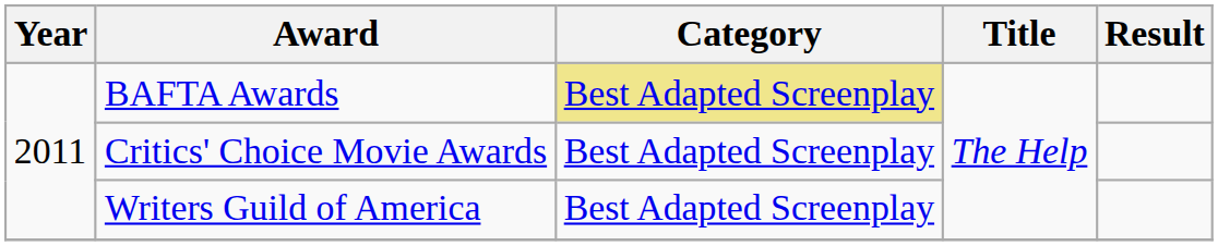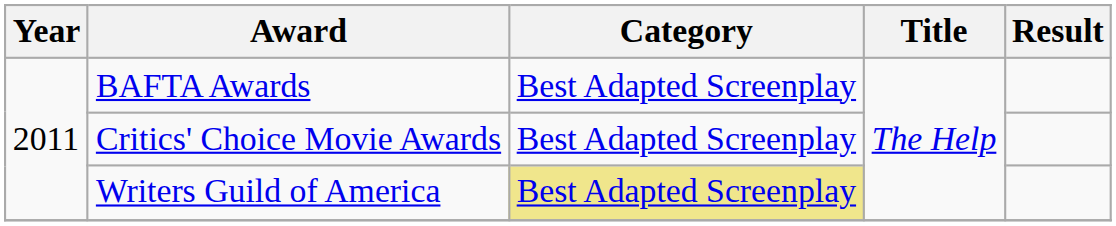 <table class="wikitable">
 <tr>
 <th>Year</th>
 <th>Award</th>
 <th>Category</th>
 <th>Title</th>
 <th>Result</th>
 </tr>
 <tr>
 <td rowspan=3>2011</td>
 <td><a href='#'>BAFTA Awards</a></td>
-<td style="background: khaki;"><a href='#'>Best Adapted Screenplay</a></td>
+<td><a href='#'>Best Adapted Screenplay</a></td>
 <td rowspan=3><em><a href='#'>The Help</a></em></td>
 <td></td>
 </tr>
 <tr>
 <td><a href='#'>Critics' Choice Movie Awards</a></td>
 <td><a href='#'>Best Adapted Screenplay</a></td>
 <td></td>
 </tr>
 <tr>
 <td><a href='#'>Writers Guild of America</a></td>
-<td><a href='#'>Best Adapted Screenplay</a></td>
+<td style="background: khaki;"><a href='#'>Best Adapted Screenplay</a></td>
 <td></td>
 </tr>
 <tr>
 </tr>
 </table>
